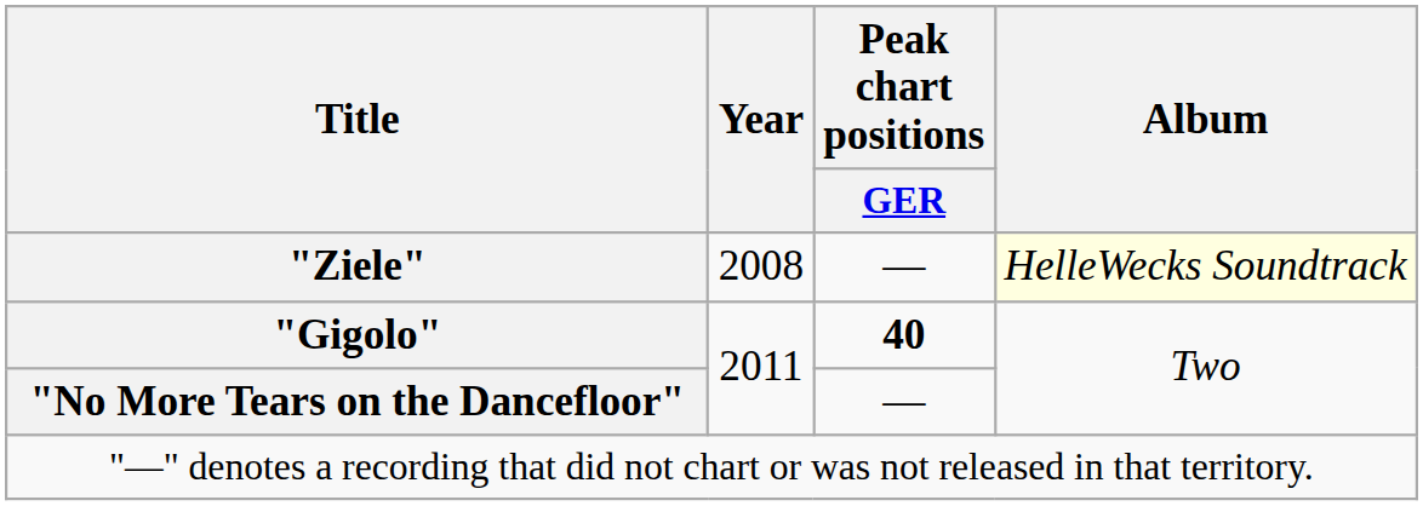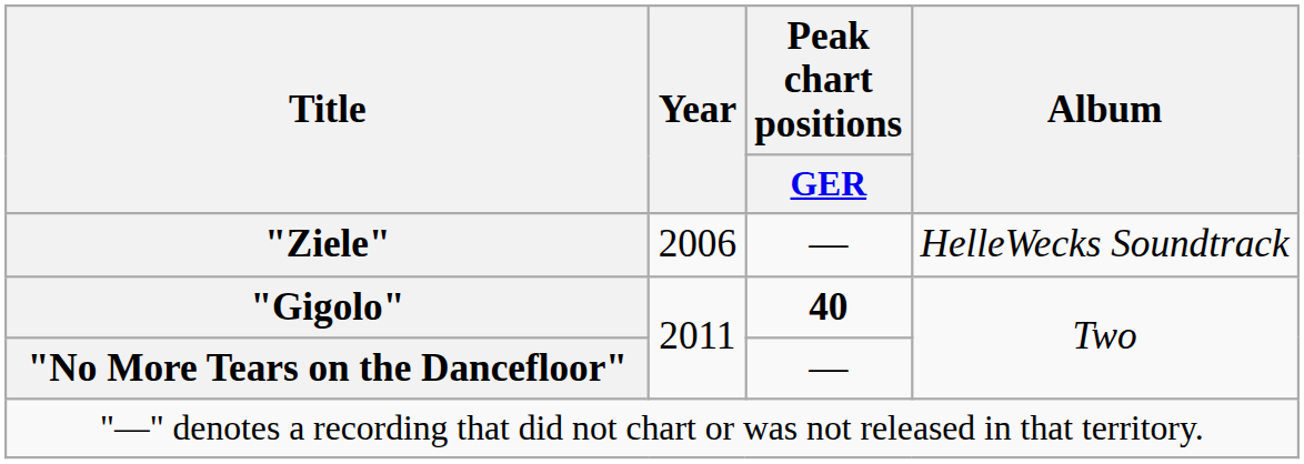 <table class="wikitable plainrowheaders" style="text-align:center;">
 <tr>
 <th scope="col" rowspan="2" style="width:16em;">Title</th>
 <th scope="col" rowspan="2" style="width:2em;">Year</th>
 <th scope="col" colspan="1">Peak chart positions</th>
 <th scope="col" rowspan="2">Album</th>
 </tr>
 <tr>
 <th scope="col" style="width:2.5em;font-size:90%;"><a href='#'>GER</a><br></th>
 </tr>
 <tr>
 <th scope="row">"Ziele"<br></th>
-<td>2008</td>
+<td>2006</td>
 <td>—</td>
-<td style="background: lightyellow;"><em>HelleWecks Soundtrack</em></td>
+<td><em>HelleWecks Soundtrack</em></td>
 </tr>
 <tr>
 <th scope="row">"Gigolo"<br></th>
 <td rowspan="2">2011</td>
 <td><strong>40</strong></td>
 <td rowspan="2"><em>Two</em></td>
 </tr>
 <tr>
 <th scope="row">"No More Tears on the Dancefloor"<br></th>
 <td>—</td>
 </tr>
 <tr>
 <td colspan="14" style="font-size:90%">"—" denotes a recording that did not chart or was not released in that territory.</td>
 </tr>
 </table>
